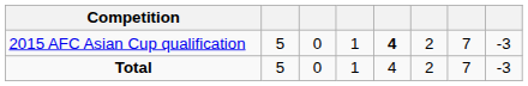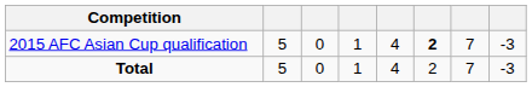 <table class="wikitable" style="text-align: center;">
 <tr>
 <th width=250>Competition</th>
 <th width=30></th>
 <th width=30></th>
 <th width=30></th>
 <th width=30></th>
 <th width=30></th>
 <th width=30></th>
 <th width=30></th>
 </tr>
 <tr>
 <td align="left"><a href='#'>2015 AFC Asian Cup qualification</a></td>
 <td>5</td>
 <td>0</td>
 <td>1</td>
-<td><strong>4</strong></td>
-<td>2</td>
+<td>4</td>
+<td><strong>2</strong></td>
 <td>7</td>
 <td>-3</td>
 </tr>
 <tr>
 <td><strong>Total</strong></td>
 <td>5</td>
 <td>0</td>
 <td>1</td>
 <td>4</td>
 <td>2</td>
 <td>7</td>
 <td>-3</td>
 </tr>
 </table>
